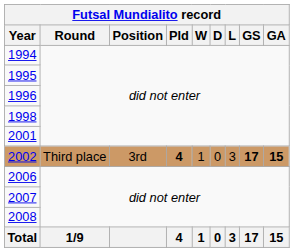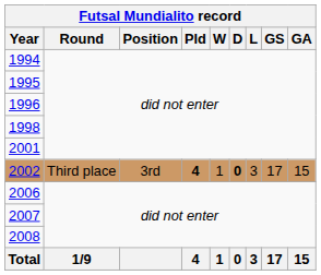 <table class="wikitable" style="text-align: center;font-size:90%;">
 <tr>
 <th colspan=9><a href='#'>Futsal Mundialito</a> record</th>
 </tr>
 <tr>
 <th>Year</th>
 <th>Round</th>
 <th>Position</th>
 <th>Pld</th>
 <th>W</th>
 <th>D</th>
 <th>L</th>
 <th>GS</th>
 <th>GA</th>
 </tr>
 <tr>
 <td> <a href='#'>1994</a></td>
 <td colspan=8 rowspan=5><em>did not enter</em></td>
 </tr>
 <tr>
 <td> <a href='#'>1995</a></td>
 </tr>
 <tr>
 <td> <a href='#'>1996</a></td>
 </tr>
 <tr>
 <td> <a href='#'>1998</a></td>
 </tr>
 <tr>
 <td> <a href='#'>2001</a></td>
 </tr>
 <tr bgcolor="#cc9966">
 <td> <a href='#'>2002</a></td>
 <td>Third place</td>
 <td>3rd</td>
 <td><strong>4</strong></td>
 <td>1</td>
-<td>0</td>
+<td><strong>0</strong></td>
 <td>3</td>
-<td><strong>17</strong></td>
-<td><strong>15</strong></td>
+<td>17</td>
+<td>15</td>
 </tr>
 <tr>
 <td> <a href='#'>2006</a></td>
 <td colspan=8 rowspan=3><em>did not enter</em></td>
 </tr>
 <tr>
 <td> <a href='#'>2007</a></td>
 </tr>
 <tr>
 <td> <a href='#'>2008</a></td>
 </tr>
 <tr>
 <th><strong>Total</strong></th>
 <th>1/9</th>
 <th></th>
 <th>4</th>
 <th>1</th>
 <th>0</th>
 <th>3</th>
 <th>17</th>
 <th>15</th>
 </tr>
 </table>
